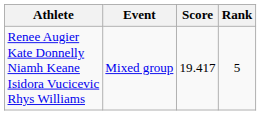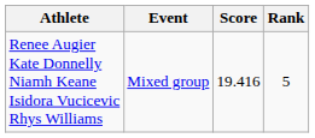 <table class=wikitable style=font-size:90%;text-align:center>
 <tr>
 <th>Athlete</th>
 <th>Event</th>
 <th>Score</th>
 <th>Rank</th>
 </tr>
 <tr>
 <td align=left><a href='#'>Renee Augier</a><br><a href='#'>Kate Donnelly</a><br><a href='#'>Niamh Keane</a><br><a href='#'>Isidora Vucicevic</a><br><a href='#'>Rhys Williams</a></td>
 <td align=left><a href='#'>Mixed group</a></td>
-<td>19.417</td>
+<td>19.416</td>
 <td>5</td>
 </tr>
 </table>
